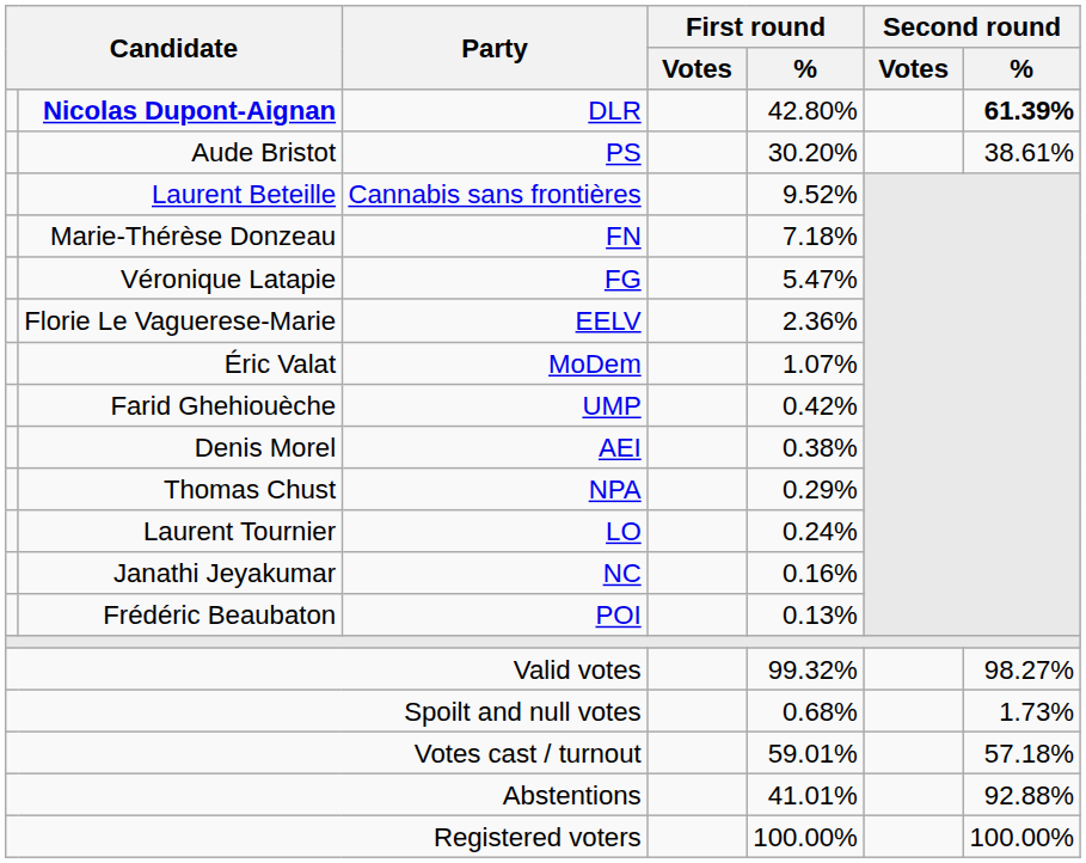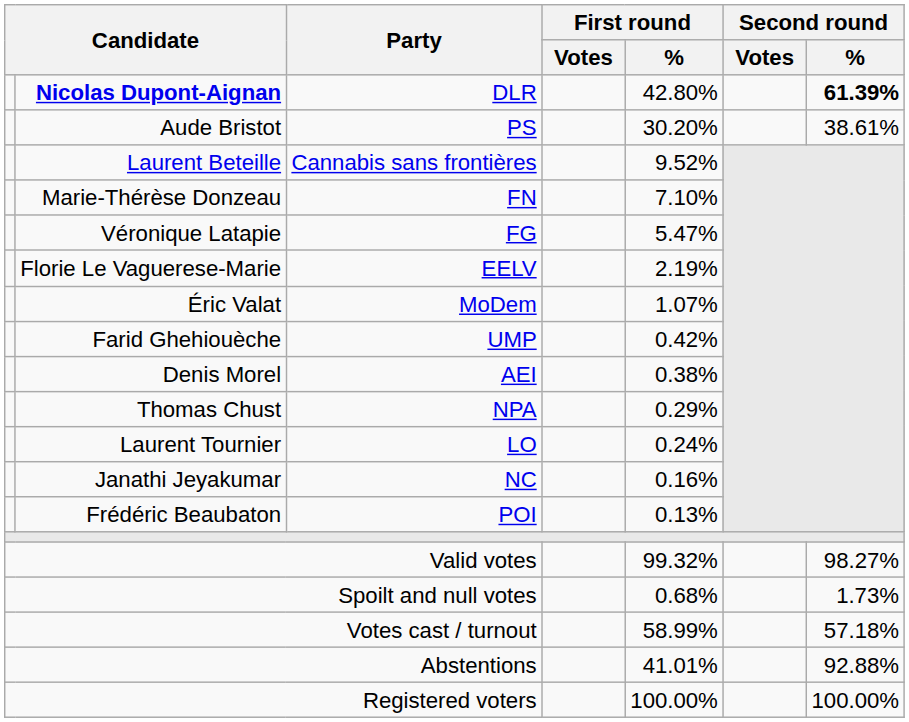 <table class="wikitable" style="text-align:right;font-size:95%;">
 <tr>
 <th rowspan=2 colspan=2>Candidate</th>
 <th rowspan=2 colspan=1>Party</th>
 <th colspan=2>First round</th>
 <th colspan=2>Second round</th>
 </tr>
 <tr>
 <th style="width:50px;">Votes</th>
 <th style="width:55px;">%</th>
 <th style="width:50px;">Votes</th>
 <th style="width:55px;">%</th>
 </tr>
 <tr>
 <td style="color:inherit;background-color:"></td>
 <td><strong><a href='#'>Nicolas Dupont-Aignan</a></strong></td>
 <td><a href='#'>DLR</a></td>
 <td></td>
 <td>42.80%</td>
 <td><strong></strong></td>
 <td><strong>61.39%</strong></td>
 </tr>
 <tr>
 <td style="color:inherit;background-color:"></td>
 <td>Aude Bristot</td>
 <td><a href='#'>PS</a></td>
 <td></td>
 <td>30.20%</td>
 <td></td>
 <td>38.61%</td>
 </tr>
 <tr>
 <td style="color:inherit;background-color:"></td>
 <td><a href='#'>Laurent Beteille</a></td>
 <td><a href='#'>Cannabis sans frontières</a></td>
 <td></td>
 <td>9.52%</td>
 <td colspan=7 rowspan=11 style="background-color:#E9E9E9;"></td>
 </tr>
 <tr>
 <td style="color:inherit;background-color:"></td>
 <td>Marie-Thérèse Donzeau</td>
 <td><a href='#'>FN</a></td>
 <td></td>
-<td>7.18%</td>
+<td>7.10%</td>
 </tr>
 <tr>
 <td style="color:inherit;background-color:"></td>
 <td>Véronique Latapie</td>
 <td><a href='#'>FG</a></td>
 <td></td>
 <td>5.47%</td>
 </tr>
 <tr>
 <td style="color:inherit;background-color:"></td>
 <td>Florie Le Vaguerese-Marie</td>
 <td><a href='#'>EELV</a></td>
 <td></td>
-<td>2.36%</td>
+<td>2.19%</td>
 </tr>
 <tr>
 <td style="color:inherit;background-color:"></td>
 <td>Éric Valat</td>
 <td><a href='#'>MoDem</a></td>
 <td></td>
 <td>1.07%</td>
 </tr>
 <tr>
 <td style="color:inherit;background-color:"></td>
 <td>Farid Ghehiouèche</td>
 <td><a href='#'>UMP</a></td>
 <td></td>
 <td>0.42%</td>
 </tr>
 <tr>
 <td style="color:inherit;background-color:"></td>
 <td>Denis Morel</td>
 <td><a href='#'>AEI</a></td>
 <td></td>
 <td>0.38%</td>
 </tr>
 <tr>
 <td style="color:inherit;background-color:"></td>
 <td>Thomas Chust</td>
 <td><a href='#'>NPA</a></td>
 <td></td>
 <td>0.29%</td>
 </tr>
 <tr>
 <td style="color:inherit;background-color:"></td>
 <td>Laurent Tournier</td>
 <td><a href='#'>LO</a></td>
 <td></td>
 <td>0.24%</td>
 </tr>
 <tr>
 <td style="color:inherit;background-color:"></td>
 <td>Janathi Jeyakumar</td>
 <td><a href='#'>NC</a></td>
 <td></td>
 <td>0.16%</td>
 </tr>
 <tr>
 <td style="color:inherit;background-color:"></td>
 <td>Frédéric Beaubaton</td>
 <td><a href='#'>POI</a></td>
 <td></td>
 <td>0.13%</td>
 </tr>
 <tr>
 <td colspan=7 style="background-color:#E9E9E9;"></td>
 </tr>
 <tr>
 <td colspan=3>Valid votes</td>
 <td></td>
 <td>99.32%</td>
 <td></td>
 <td>98.27%</td>
 </tr>
 <tr>
 <td colspan=3>Spoilt and null votes</td>
 <td></td>
 <td>0.68%</td>
 <td></td>
 <td>1.73%</td>
 </tr>
 <tr>
 <td colspan=3>Votes cast / turnout</td>
 <td></td>
-<td>59.01%</td>
+<td>58.99%</td>
 <td></td>
 <td>57.18%</td>
 </tr>
 <tr>
 <td colspan=3>Abstentions</td>
 <td></td>
 <td>41.01%</td>
 <td></td>
 <td>92.88%</td>
 </tr>
 <tr>
 <td colspan=3>Registered voters</td>
 <td></td>
 <td>100.00%</td>
 <td></td>
 <td>100.00%</td>
 </tr>
 </table>
